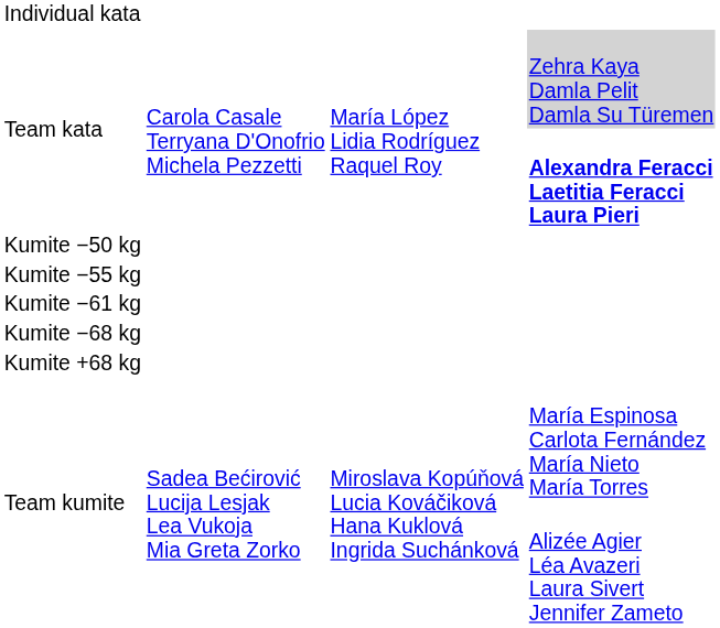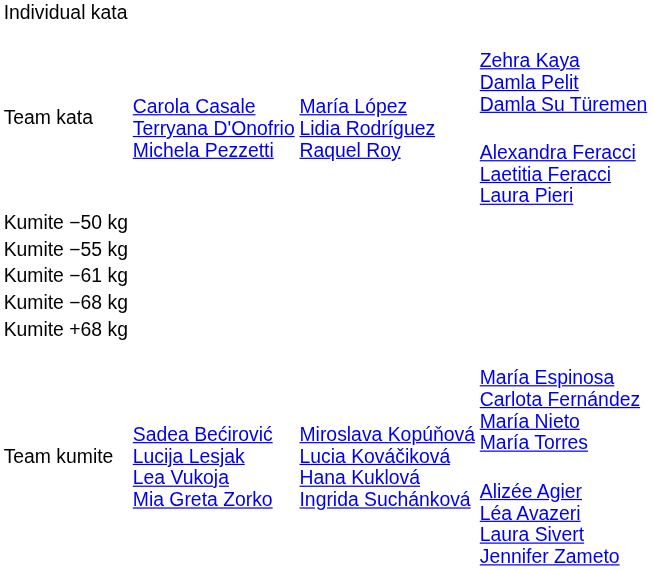 <table>
 <tr>
 <td rowspan=2>Individual kata<br></td>
 <td rowspan=2></td>
 <td rowspan=2></td>
 <td></td>
 </tr>
 <tr>
 <td></td>
 </tr>
 <tr>
 <td rowspan=2>Team kata<br></td>
 <td rowspan=2><br><a href='#'>Carola Casale</a><br><a href='#'>Terryana D'Onofrio</a><br><a href='#'>Michela Pezzetti</a></td>
 <td rowspan=2><br><a href='#'>María López</a><br><a href='#'>Lidia Rodríguez</a><br><a href='#'>Raquel Roy</a></td>
-<td style="background: lightgrey;"><br><a href='#'>Zehra Kaya</a><br><a href='#'>Damla Pelit</a><br><a href='#'>Damla Su Türemen</a></td>
+<td><br><a href='#'>Zehra Kaya</a><br><a href='#'>Damla Pelit</a><br><a href='#'>Damla Su Türemen</a></td>
 </tr>
 <tr>
-<td><strong><br><a href='#'>Alexandra Feracci</a><br><a href='#'>Laetitia Feracci</a><br><a href='#'>Laura Pieri</a></strong></td>
+<td><br><a href='#'>Alexandra Feracci</a><br><a href='#'>Laetitia Feracci</a><br><a href='#'>Laura Pieri</a></td>
 </tr>
 <tr>
 <td rowspan=2>Kumite −50 kg<br></td>
 <td rowspan=2></td>
 <td rowspan=2></td>
 <td></td>
 </tr>
 <tr>
 <td></td>
 </tr>
 <tr>
 <td rowspan=2>Kumite −55 kg<br></td>
 <td rowspan=2></td>
 <td rowspan=2></td>
 <td></td>
 </tr>
 <tr>
 <td></td>
 </tr>
 <tr>
 <td rowspan=2>Kumite −61 kg<br></td>
 <td rowspan=2></td>
 <td rowspan=2></td>
 <td></td>
 </tr>
 <tr>
 <td></td>
 </tr>
 <tr>
 <td rowspan=2>Kumite −68 kg<br></td>
 <td rowspan=2></td>
 <td rowspan=2></td>
 <td></td>
 </tr>
 <tr>
 <td></td>
 </tr>
 <tr>
 <td rowspan=2>Kumite +68 kg<br></td>
 <td rowspan=2></td>
 <td rowspan=2></td>
 <td></td>
 </tr>
 <tr>
 <td></td>
 </tr>
 <tr>
 <td rowspan=2>Team kumite<br></td>
 <td rowspan=2><br><a href='#'>Sadea Bećirović</a><br><a href='#'>Lucija Lesjak</a><br><a href='#'>Lea Vukoja</a><br><a href='#'>Mia Greta Zorko</a></td>
 <td rowspan=2><br><a href='#'>Miroslava Kopúňová</a><br><a href='#'>Lucia Kováčiková</a><br><a href='#'>Hana Kuklová</a><br><a href='#'>Ingrida Suchánková</a></td>
 <td><br><a href='#'>María Espinosa</a><br><a href='#'>Carlota Fernández</a><br><a href='#'>María Nieto</a><br><a href='#'>María Torres</a></td>
 </tr>
 <tr>
 <td><br><a href='#'>Alizée Agier</a><br><a href='#'>Léa Avazeri</a><br><a href='#'>Laura Sivert</a><br><a href='#'>Jennifer Zameto</a></td>
 </tr>
 </table>
